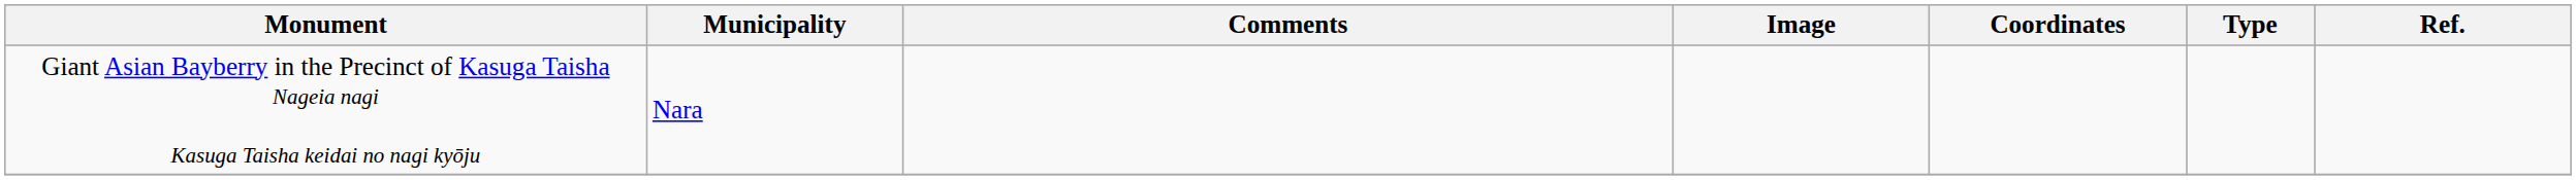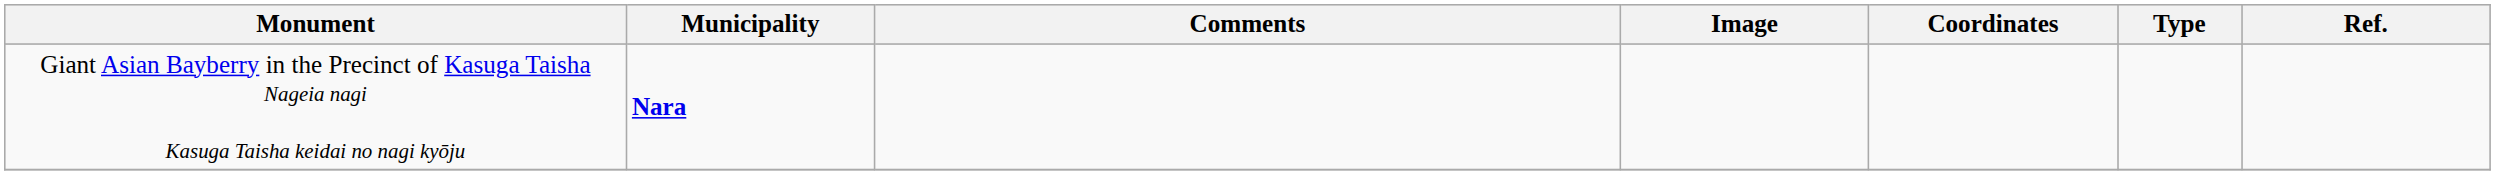 <table class="wikitable sortable"  style="width:100%;">
 <tr>
 <th width="25%" align="left">Monument</th>
 <th width="10%" align="left">Municipality</th>
 <th width="30%" align="left" class="unsortable">Comments</th>
 <th width="10%" align="left" class="unsortable">Image</th>
 <th width="10%" align="left" class="unsortable">Coordinates</th>
 <th width="5%" align="left">Type</th>
 <th width="10%" align="left" class="unsortable">Ref.</th>
 </tr>
 <tr>
 <td align="center">Giant <a href='#'>Asian Bayberry</a> in the Precinct of <a href='#'>Kasuga Taisha</a><br><small><em>Nageia nagi</em></small><br><br><small><em>Kasuga Taisha keidai no nagi kyōju</em></small></td>
-<td><a href='#'>Nara</a></td>
+<td><strong><a href='#'>Nara</a></strong></td>
 <td></td>
 <td></td>
 <td></td>
 <td></td>
 <td></td>
 </tr>
 <tr>
 </tr>
 </table>
